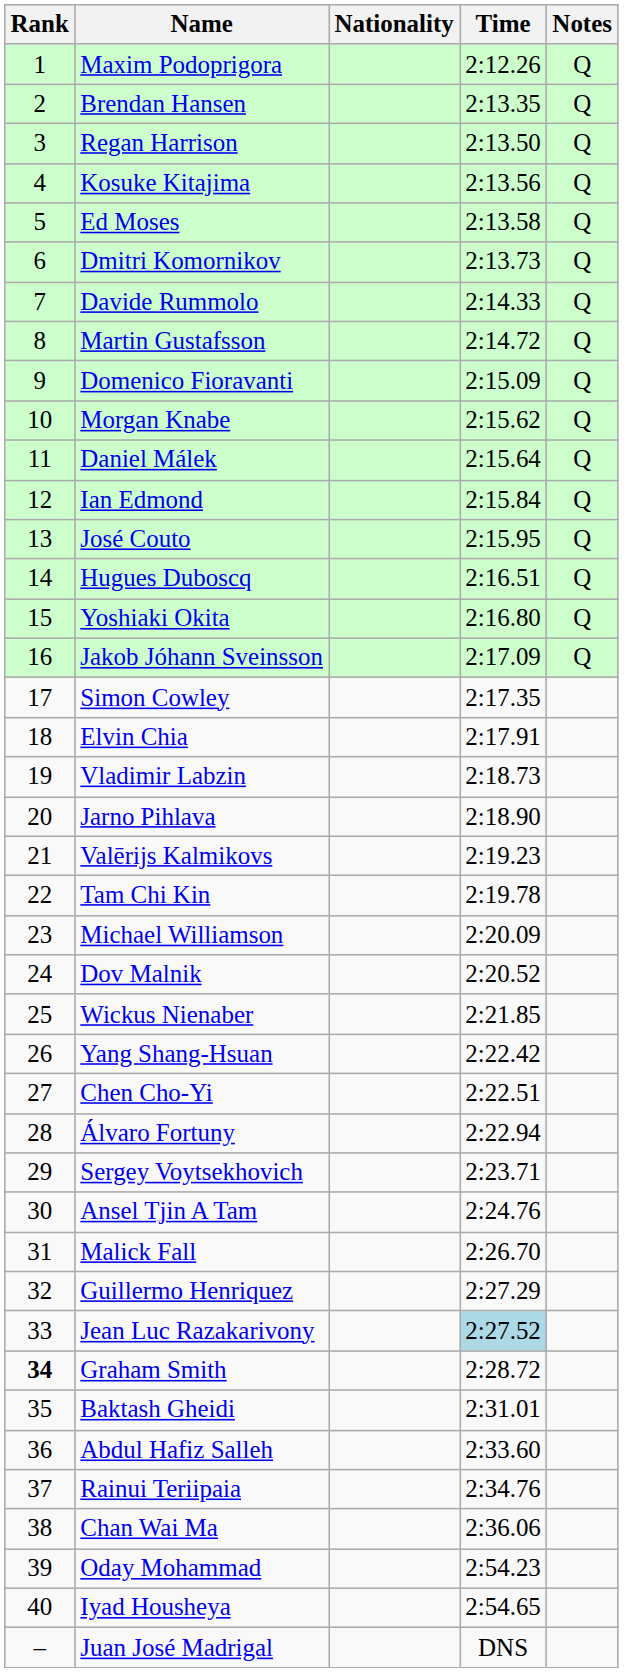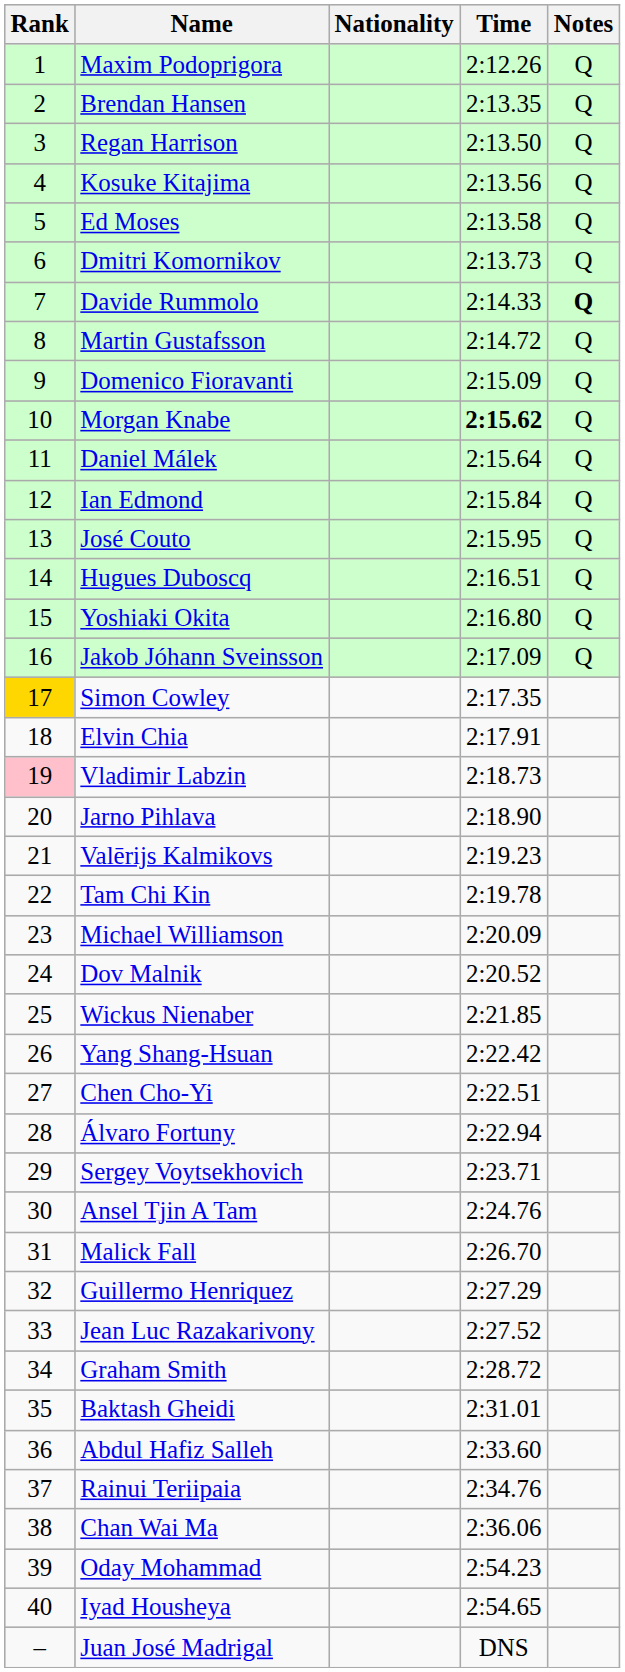 <table class="wikitable sortable" style="text-align:center">
 <tr>
 <th>Rank</th>
 <th>Name</th>
 <th>Nationality</th>
 <th>Time</th>
 <th>Notes</th>
 </tr>
 <tr bgcolor=ccffcc>
 <td>1</td>
 <td align=left><a href='#'>Maxim Podoprigora</a></td>
 <td align=left></td>
 <td>2:12.26</td>
 <td>Q</td>
 </tr>
 <tr bgcolor=ccffcc>
 <td>2</td>
 <td align=left><a href='#'>Brendan Hansen</a></td>
 <td align=left></td>
 <td>2:13.35</td>
 <td>Q</td>
 </tr>
 <tr bgcolor=ccffcc>
 <td>3</td>
 <td align=left><a href='#'>Regan Harrison</a></td>
 <td align=left></td>
 <td>2:13.50</td>
 <td>Q</td>
 </tr>
 <tr bgcolor=ccffcc>
 <td>4</td>
 <td align=left><a href='#'>Kosuke Kitajima</a></td>
 <td align=left></td>
 <td>2:13.56</td>
 <td>Q</td>
 </tr>
 <tr bgcolor=ccffcc>
 <td>5</td>
 <td align=left><a href='#'>Ed Moses</a></td>
 <td align=left></td>
 <td>2:13.58</td>
 <td>Q</td>
 </tr>
 <tr bgcolor=ccffcc>
 <td>6</td>
 <td align=left><a href='#'>Dmitri Komornikov</a></td>
 <td align=left></td>
 <td>2:13.73</td>
 <td>Q</td>
 </tr>
 <tr bgcolor=ccffcc>
 <td>7</td>
 <td align=left><a href='#'>Davide Rummolo</a></td>
 <td align=left></td>
 <td>2:14.33</td>
-<td>Q</td>
+<td><strong>Q</strong></td>
 </tr>
 <tr bgcolor=ccffcc>
 <td>8</td>
 <td align=left><a href='#'>Martin Gustafsson</a></td>
 <td align=left></td>
 <td>2:14.72</td>
 <td>Q</td>
 </tr>
 <tr bgcolor=ccffcc>
 <td>9</td>
 <td align=left><a href='#'>Domenico Fioravanti</a></td>
 <td align=left></td>
 <td>2:15.09</td>
 <td>Q</td>
 </tr>
 <tr bgcolor=ccffcc>
 <td>10</td>
 <td align=left><a href='#'>Morgan Knabe</a></td>
 <td align=left></td>
-<td>2:15.62</td>
+<td><strong>2:15.62</strong></td>
 <td>Q</td>
 </tr>
 <tr bgcolor=ccffcc>
 <td>11</td>
 <td align=left><a href='#'>Daniel Málek</a></td>
 <td align=left></td>
 <td>2:15.64</td>
 <td>Q</td>
 </tr>
 <tr bgcolor=ccffcc>
 <td>12</td>
 <td align=left><a href='#'>Ian Edmond</a></td>
 <td align=left></td>
 <td>2:15.84</td>
 <td>Q</td>
 </tr>
 <tr bgcolor=ccffcc>
 <td>13</td>
 <td align=left><a href='#'>José Couto</a></td>
 <td align=left></td>
 <td>2:15.95</td>
 <td>Q</td>
 </tr>
 <tr bgcolor=ccffcc>
 <td>14</td>
 <td align=left><a href='#'>Hugues Duboscq</a></td>
 <td align=left></td>
 <td>2:16.51</td>
 <td>Q</td>
 </tr>
 <tr bgcolor=ccffcc>
 <td>15</td>
 <td align=left><a href='#'>Yoshiaki Okita</a></td>
 <td align=left></td>
 <td>2:16.80</td>
 <td>Q</td>
 </tr>
 <tr bgcolor=ccffcc>
 <td>16</td>
 <td align=left><a href='#'>Jakob Jóhann Sveinsson</a></td>
 <td align=left></td>
 <td>2:17.09</td>
 <td>Q</td>
 </tr>
 <tr>
-<td>17</td>
+<td style="background: gold;">17</td>
 <td align=left><a href='#'>Simon Cowley</a></td>
 <td align=left></td>
 <td>2:17.35</td>
 <td></td>
 </tr>
 <tr>
 <td>18</td>
 <td align=left><a href='#'>Elvin Chia</a></td>
 <td align=left></td>
 <td>2:17.91</td>
 <td></td>
 </tr>
 <tr>
-<td>19</td>
+<td style="background: pink;">19</td>
 <td align=left><a href='#'>Vladimir Labzin</a></td>
 <td align=left></td>
 <td>2:18.73</td>
 <td></td>
 </tr>
 <tr>
 <td>20</td>
 <td align=left><a href='#'>Jarno Pihlava</a></td>
 <td align=left></td>
 <td>2:18.90</td>
 <td></td>
 </tr>
 <tr>
 <td>21</td>
 <td align=left><a href='#'>Valērijs Kalmikovs</a></td>
 <td align=left></td>
 <td>2:19.23</td>
 <td></td>
 </tr>
 <tr>
 <td>22</td>
 <td align=left><a href='#'>Tam Chi Kin</a></td>
 <td align=left></td>
 <td>2:19.78</td>
 <td></td>
 </tr>
 <tr>
 <td>23</td>
 <td align=left><a href='#'>Michael Williamson</a></td>
 <td align=left></td>
 <td>2:20.09</td>
 <td></td>
 </tr>
 <tr>
 <td>24</td>
 <td align=left><a href='#'>Dov Malnik</a></td>
 <td align=left></td>
 <td>2:20.52</td>
 <td></td>
 </tr>
 <tr>
 <td>25</td>
 <td align=left><a href='#'>Wickus Nienaber</a></td>
 <td align=left></td>
 <td>2:21.85</td>
 <td></td>
 </tr>
 <tr>
 <td>26</td>
 <td align=left><a href='#'>Yang Shang-Hsuan</a></td>
 <td align=left></td>
 <td>2:22.42</td>
 <td></td>
 </tr>
 <tr>
 <td>27</td>
 <td align=left><a href='#'>Chen Cho-Yi</a></td>
 <td align=left></td>
 <td>2:22.51</td>
 <td></td>
 </tr>
 <tr>
 <td>28</td>
 <td align=left><a href='#'>Álvaro Fortuny</a></td>
 <td align=left></td>
 <td>2:22.94</td>
 <td></td>
 </tr>
 <tr>
 <td>29</td>
 <td align=left><a href='#'>Sergey Voytsekhovich</a></td>
 <td align=left></td>
 <td>2:23.71</td>
 <td></td>
 </tr>
 <tr>
 <td>30</td>
 <td align=left><a href='#'>Ansel Tjin A Tam</a></td>
 <td align=left></td>
 <td>2:24.76</td>
 <td></td>
 </tr>
 <tr>
 <td>31</td>
 <td align=left><a href='#'>Malick Fall</a></td>
 <td align=left></td>
 <td>2:26.70</td>
 <td></td>
 </tr>
 <tr>
 <td>32</td>
 <td align=left><a href='#'>Guillermo Henriquez</a></td>
 <td align=left></td>
 <td>2:27.29</td>
 <td></td>
 </tr>
 <tr>
 <td>33</td>
 <td align=left><a href='#'>Jean Luc Razakarivony</a></td>
 <td align=left></td>
-<td style="background: lightblue;">2:27.52</td>
+<td>2:27.52</td>
 <td></td>
 </tr>
 <tr>
-<td><strong>34</strong></td>
+<td>34</td>
 <td align=left><a href='#'>Graham Smith</a></td>
 <td align=left></td>
 <td>2:28.72</td>
 <td></td>
 </tr>
 <tr>
 <td>35</td>
 <td align=left><a href='#'>Baktash Gheidi</a></td>
 <td align=left></td>
 <td>2:31.01</td>
 <td></td>
 </tr>
 <tr>
 <td>36</td>
 <td align=left><a href='#'>Abdul Hafiz Salleh</a></td>
 <td align=left></td>
 <td>2:33.60</td>
 <td></td>
 </tr>
 <tr>
 <td>37</td>
 <td align=left><a href='#'>Rainui Teriipaia</a></td>
 <td align=left></td>
 <td>2:34.76</td>
 <td></td>
 </tr>
 <tr>
 <td>38</td>
 <td align=left><a href='#'>Chan Wai Ma</a></td>
 <td align=left></td>
 <td>2:36.06</td>
 <td></td>
 </tr>
 <tr>
 <td>39</td>
 <td align=left><a href='#'>Oday Mohammad</a></td>
 <td align=left></td>
 <td>2:54.23</td>
 <td></td>
 </tr>
 <tr>
 <td>40</td>
 <td align=left><a href='#'>Iyad Housheya</a></td>
 <td align=left></td>
 <td>2:54.65</td>
 <td></td>
 </tr>
 <tr>
 <td>–</td>
 <td align=left><a href='#'>Juan José Madrigal</a></td>
 <td align=left></td>
 <td>DNS</td>
 <td></td>
 </tr>
 </table>
